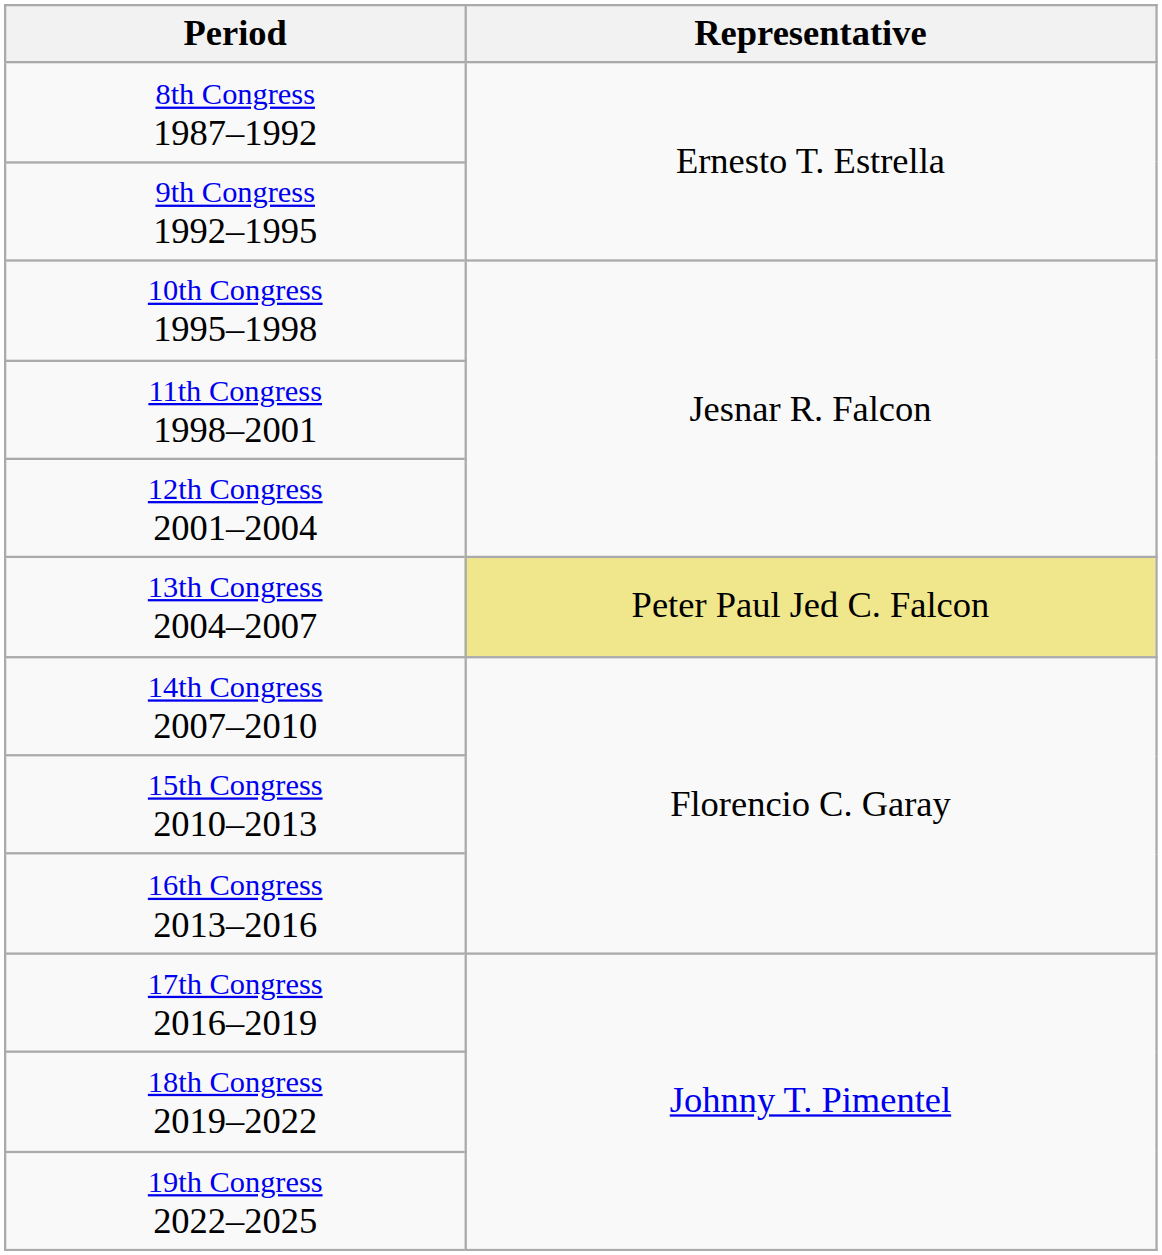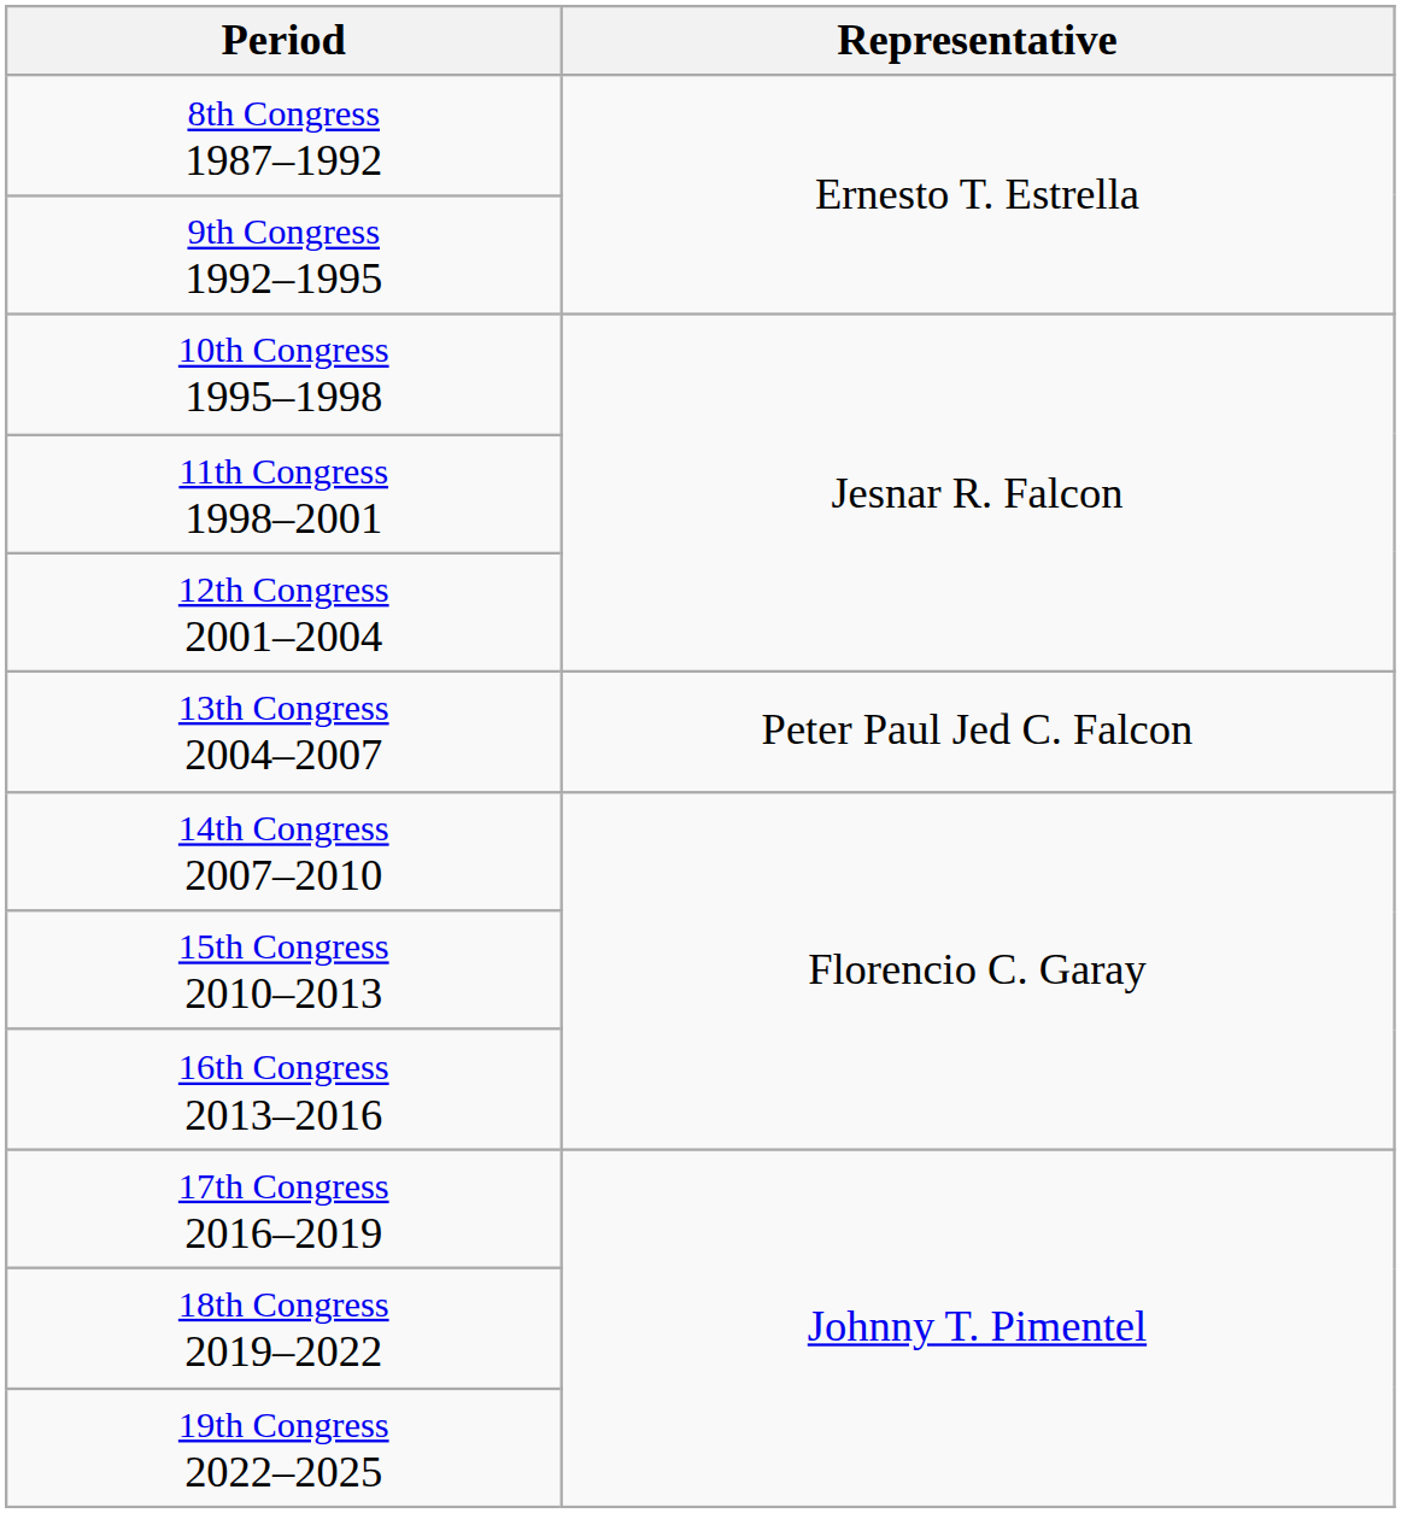 <table class="wikitable" style="text-align:center; width:40%;">
 <tr>
 <th width="40%">Period</th>
 <th>Representative</th>
 </tr>
 <tr>
 <td><small><a href='#'>8th Congress</a></small><br>1987–1992</td>
 <td rowspan="2">Ernesto T. Estrella</td>
 </tr>
 <tr>
 <td><small><a href='#'>9th Congress</a></small><br>1992–1995</td>
 </tr>
 <tr>
 <td><small><a href='#'>10th Congress</a></small><br>1995–1998</td>
 <td rowspan="3">Jesnar R. Falcon</td>
 </tr>
 <tr>
 <td><small><a href='#'>11th Congress</a></small><br>1998–2001</td>
 </tr>
 <tr>
 <td><small><a href='#'>12th Congress</a></small><br>2001–2004</td>
 </tr>
 <tr>
 <td><small><a href='#'>13th Congress</a></small><br>2004–2007</td>
-<td style="background: khaki;">Peter Paul Jed C. Falcon</td>
+<td>Peter Paul Jed C. Falcon</td>
 </tr>
 <tr>
 <td><small><a href='#'>14th Congress</a></small><br>2007–2010</td>
 <td rowspan="3">Florencio C. Garay</td>
 </tr>
 <tr>
 <td><small><a href='#'>15th Congress</a></small><br>2010–2013</td>
 </tr>
 <tr>
 <td><small><a href='#'>16th Congress</a></small><br>2013–2016</td>
 </tr>
 <tr>
 <td><small><a href='#'>17th Congress</a></small><br>2016–2019</td>
 <td rowspan="3"><a href='#'>Johnny T. Pimentel</a></td>
 </tr>
 <tr>
 <td><small><a href='#'>18th Congress</a></small><br>2019–2022</td>
 </tr>
 <tr>
 <td><small><a href='#'>19th Congress</a></small><br>2022–2025</td>
 </tr>
 </table>
